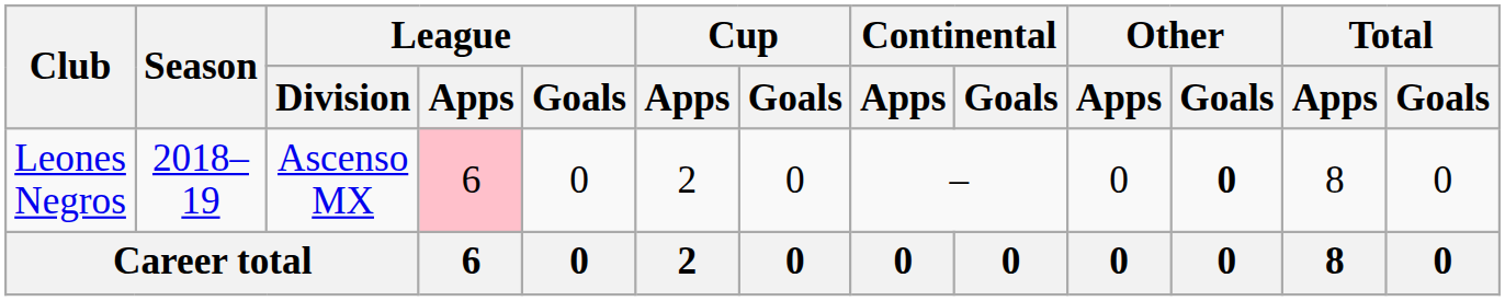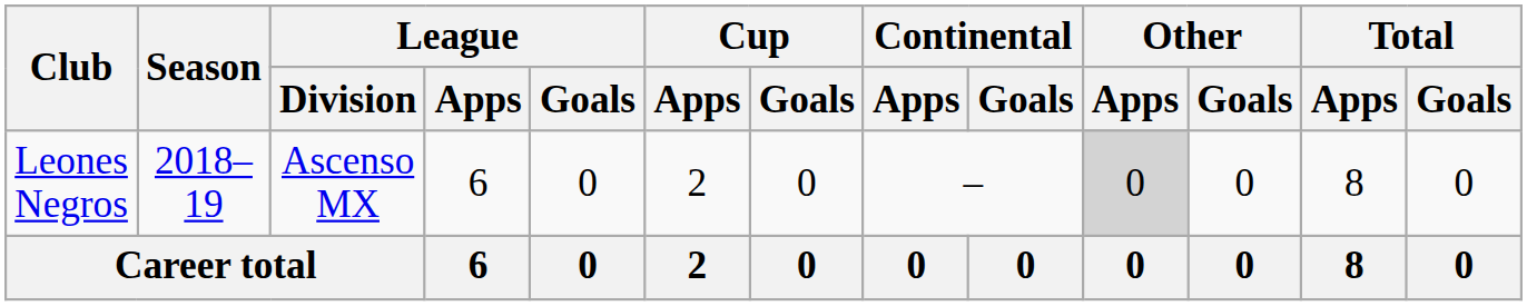 <table class="wikitable" style="text-align: center">
 <tr>
 <th rowspan="2">Club</th>
 <th rowspan="2">Season</th>
 <th colspan="3">League</th>
 <th colspan="2">Cup</th>
 <th colspan="2">Continental</th>
 <th colspan="2">Other</th>
 <th colspan="2">Total</th>
 </tr>
 <tr>
 <th>Division</th>
 <th>Apps</th>
 <th>Goals</th>
 <th>Apps</th>
 <th>Goals</th>
 <th>Apps</th>
 <th>Goals</th>
 <th>Apps</th>
 <th>Goals</th>
 <th>Apps</th>
 <th>Goals</th>
 </tr>
 <tr>
 <td><a href='#'>Leones Negros</a></td>
 <td><a href='#'>2018–19</a></td>
 <td><a href='#'>Ascenso MX</a></td>
-<td style="background: pink;">6</td>
+<td>6</td>
 <td>0</td>
 <td>2</td>
 <td>0</td>
 <td colspan="2">–</td>
+<td style="background: lightgrey;">0</td>
 <td>0</td>
-<td><strong>0</strong></td>
 <td>8</td>
 <td>0</td>
 </tr>
 <tr>
 <th colspan="3"><strong>Career total</strong></th>
 <th>6</th>
 <th>0</th>
 <th>2</th>
 <th>0</th>
 <th>0</th>
 <th>0</th>
 <th>0</th>
 <th>0</th>
 <th>8</th>
 <th>0</th>
 </tr>
 </table>
